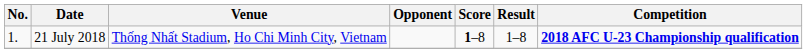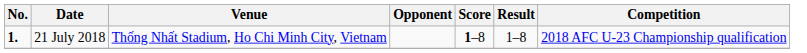 <table class="wikitable">
 <tr>
 <th>No.</th>
 <th>Date</th>
 <th>Venue</th>
 <th>Opponent</th>
 <th>Score</th>
 <th>Result</th>
 <th>Competition</th>
 </tr>
 <tr>
-<td>1.</td>
+<td><strong>1.</strong></td>
 <td>21 July 2018</td>
 <td><a href='#'>Thống Nhất Stadium</a>, <a href='#'>Ho Chi Minh City</a>, <a href='#'>Vietnam</a></td>
 <td></td>
 <td align=center><strong>1</strong>–8</td>
 <td align=center>1–8</td>
-<td><strong><a href='#'>2018 AFC U-23 Championship qualification</a></strong></td>
+<td><a href='#'>2018 AFC U-23 Championship qualification</a></td>
 </tr>
 <tr>
 </tr>
 </table>
